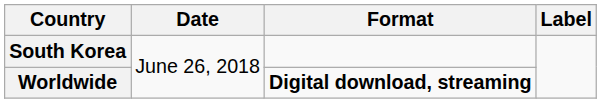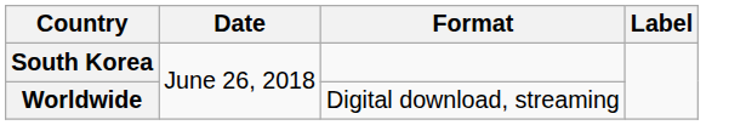 <table class="wikitable plainrowheaders">
 <tr>
 <th>Country</th>
 <th>Date</th>
 <th>Format</th>
 <th>Label</th>
 </tr>
 <tr>
 <th scope="row">South Korea</th>
 <td rowspan="2">June 26, 2018</td>
 <td></td>
 <td rowspan="2"></td>
 </tr>
 <tr>
 <th scope="row">Worldwide</th>
-<td><strong>Digital download, streaming</strong></td>
+<td>Digital download, streaming</td>
 </tr>
 </table>
